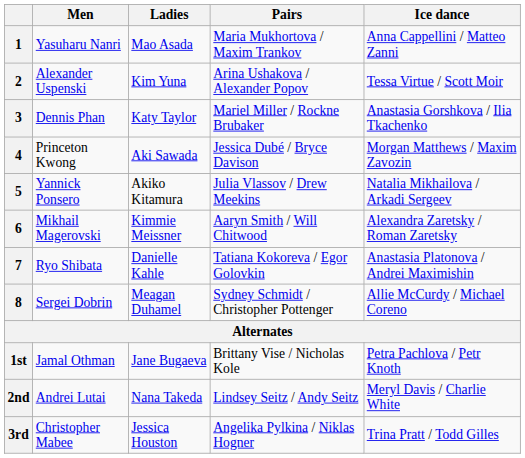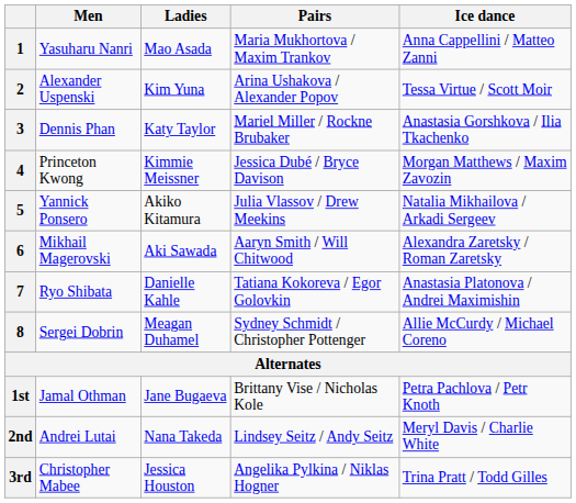 <table class="wikitable">
 <tr>
 <th></th>
 <th>Men</th>
 <th>Ladies</th>
 <th>Pairs</th>
 <th>Ice dance</th>
 </tr>
 <tr>
 <th>1</th>
 <td> <a href='#'>Yasuharu Nanri</a></td>
 <td> <a href='#'>Mao Asada</a></td>
 <td> <a href='#'>Maria Mukhortova</a> / <a href='#'>Maxim Trankov</a></td>
 <td> <a href='#'>Anna Cappellini</a> / <a href='#'>Matteo Zanni</a></td>
 </tr>
 <tr>
 <th>2</th>
 <td> <a href='#'>Alexander Uspenski</a></td>
 <td> <a href='#'>Kim Yuna</a></td>
 <td> <a href='#'>Arina Ushakova</a> / <a href='#'>Alexander Popov</a></td>
 <td> <a href='#'>Tessa Virtue</a> / <a href='#'>Scott Moir</a></td>
 </tr>
 <tr>
 <th>3</th>
 <td> <a href='#'>Dennis Phan</a></td>
 <td> <a href='#'>Katy Taylor</a></td>
 <td> <a href='#'>Mariel Miller</a> / <a href='#'>Rockne Brubaker</a></td>
 <td> <a href='#'>Anastasia Gorshkova</a> / <a href='#'>Ilia Tkachenko</a></td>
 </tr>
 <tr>
 <th>4</th>
 <td> Princeton Kwong</td>
-<td> <a href='#'>Aki Sawada</a></td>
+<td> <a href='#'>Kimmie Meissner</a></td>
 <td> <a href='#'>Jessica Dubé</a> / <a href='#'>Bryce Davison</a></td>
 <td> <a href='#'>Morgan Matthews</a> / <a href='#'>Maxim Zavozin</a></td>
 </tr>
 <tr>
 <th>5</th>
 <td> <a href='#'>Yannick Ponsero</a></td>
 <td> Akiko Kitamura</td>
 <td> <a href='#'>Julia Vlassov</a> / <a href='#'>Drew Meekins</a></td>
 <td> <a href='#'>Natalia Mikhailova</a> / <a href='#'>Arkadi Sergeev</a></td>
 </tr>
 <tr>
 <th>6</th>
 <td> <a href='#'>Mikhail Magerovski</a></td>
-<td> <a href='#'>Kimmie Meissner</a></td>
+<td> <a href='#'>Aki Sawada</a></td>
 <td> <a href='#'>Aaryn Smith</a> / <a href='#'>Will Chitwood</a></td>
 <td> <a href='#'>Alexandra Zaretsky</a> / <a href='#'>Roman Zaretsky</a></td>
 </tr>
 <tr>
 <th>7</th>
 <td> <a href='#'>Ryo Shibata</a></td>
 <td> <a href='#'>Danielle Kahle</a></td>
 <td> <a href='#'>Tatiana Kokoreva</a> / <a href='#'>Egor Golovkin</a></td>
 <td> <a href='#'>Anastasia Platonova</a> / <a href='#'>Andrei Maximishin</a></td>
 </tr>
 <tr>
 <th>8</th>
 <td> <a href='#'>Sergei Dobrin</a></td>
 <td> <a href='#'>Meagan Duhamel</a></td>
 <td> <a href='#'>Sydney Schmidt</a> / Christopher Pottenger</td>
 <td> <a href='#'>Allie McCurdy</a> / <a href='#'>Michael Coreno</a></td>
 </tr>
 <tr>
 <th colspan=5 align=center>Alternates</th>
 </tr>
 <tr>
 <th>1st</th>
 <td> <a href='#'>Jamal Othman</a></td>
 <td> <a href='#'>Jane Bugaeva</a></td>
 <td> Brittany Vise / Nicholas Kole</td>
 <td> <a href='#'>Petra Pachlova</a> / <a href='#'>Petr Knoth</a></td>
 </tr>
 <tr>
 <th>2nd</th>
 <td> <a href='#'>Andrei Lutai</a></td>
 <td> <a href='#'>Nana Takeda</a></td>
 <td> <a href='#'>Lindsey Seitz</a> / <a href='#'>Andy Seitz</a></td>
 <td> <a href='#'>Meryl Davis</a> / <a href='#'>Charlie White</a></td>
 </tr>
 <tr>
 <th>3rd</th>
 <td> <a href='#'>Christopher Mabee</a></td>
 <td> <a href='#'>Jessica Houston</a></td>
 <td> <a href='#'>Angelika Pylkina</a> / <a href='#'>Niklas Hogner</a></td>
 <td> <a href='#'>Trina Pratt</a> / <a href='#'>Todd Gilles</a></td>
 </tr>
 </table>
